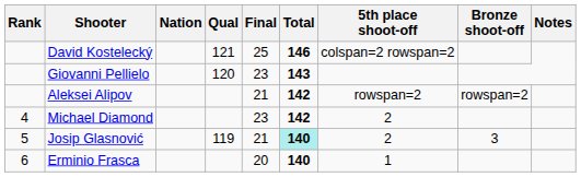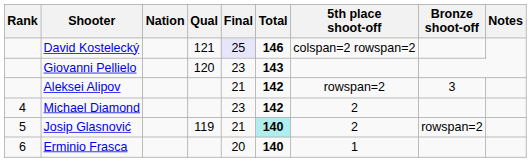 <table class="wikitable sortable" style="text-align:center">
 <tr>
 <th>Rank</th>
 <th>Shooter</th>
 <th>Nation</th>
 <th>Qual</th>
 <th>Final</th>
 <th>Total</th>
 <th>5th place<br>shoot-off</th>
 <th>Bronze<br>shoot-off</th>
 <th>Notes</th>
 </tr>
 <tr>
 <td></td>
 <td align=left><a href='#'>David Kostelecký</a></td>
 <td align=left></td>
 <td>121</td>
-<td>25</td>
+<td style="background: lavender;">25</td>
 <td><strong> 146 </strong></td>
 <td>colspan=2 rowspan=2 </td>
 <td></td>
 </tr>
 <tr>
 <td></td>
 <td align=left><a href='#'>Giovanni Pellielo</a></td>
 <td align=left></td>
 <td>120</td>
 <td>23</td>
 <td><strong> 143 </strong></td>
 <td></td>
 </tr>
 <tr>
 <td></td>
 <td align=left><a href='#'>Aleksei Alipov</a></td>
 <td align=left></td>
 <td></td>
 <td>21</td>
 <td><strong> 142 </strong></td>
 <td>rowspan=2 </td>
-<td>rowspan=2 </td>
+<td>3</td>
 <td></td>
 </tr>
 <tr>
 <td>4</td>
 <td align=left><a href='#'>Michael Diamond</a></td>
 <td align=left></td>
 <td></td>
 <td>23</td>
 <td><strong> 142 </strong></td>
 <td>2</td>
 <td></td>
 </tr>
 <tr>
 <td>5</td>
 <td align=left><a href='#'>Josip Glasnović</a></td>
 <td align=left></td>
 <td>119</td>
 <td>21</td>
 <td style="background: paleturquoise;"><strong> 140 </strong></td>
 <td>2</td>
-<td>3</td>
+<td>rowspan=2 </td>
 <td></td>
 </tr>
 <tr>
 <td>6</td>
 <td align=left><a href='#'>Erminio Frasca</a></td>
 <td align=left></td>
 <td></td>
 <td>20</td>
 <td><strong> 140 </strong></td>
 <td>1</td>
 <td></td>
 </tr>
 </table>
